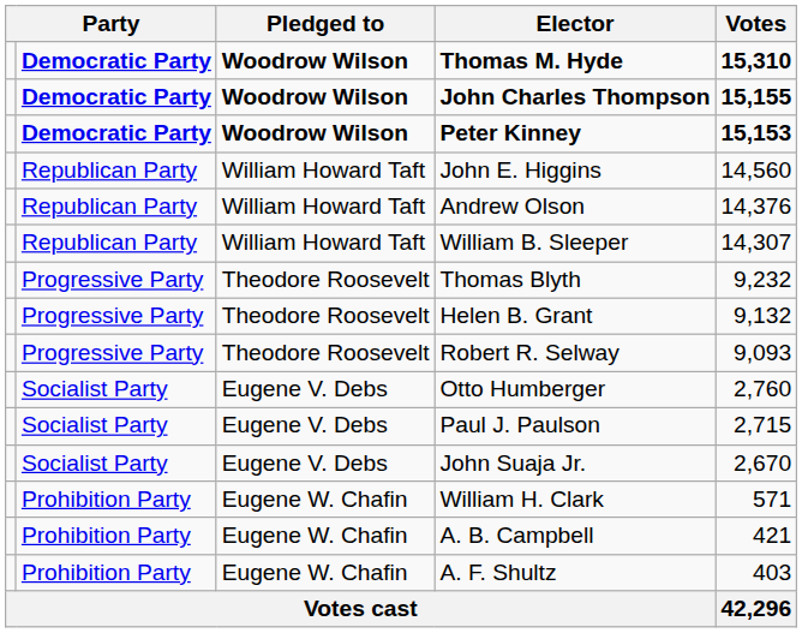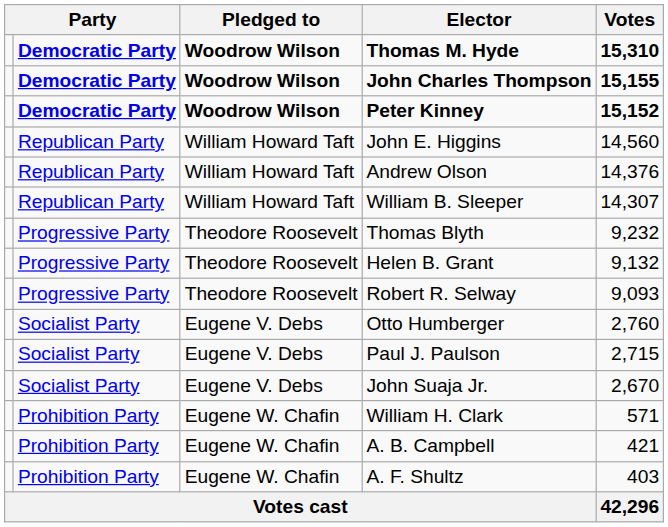 <table class="wikitable">
 <tr>
 <th colspan=2>Party</th>
 <th>Pledged to</th>
 <th>Elector</th>
 <th>Votes</th>
 </tr>
 <tr style="font-weight:bold">
 <td></td>
 <td><a href='#'>Democratic Party</a></td>
 <td>Woodrow Wilson</td>
 <td>Thomas M. Hyde</td>
 <td align="right">15,310</td>
 </tr>
 <tr style="font-weight:bold">
 <td></td>
 <td><a href='#'>Democratic Party</a></td>
 <td>Woodrow Wilson</td>
 <td>John Charles Thompson</td>
 <td align="right">15,155</td>
 </tr>
 <tr style="font-weight:bold">
 <td></td>
 <td><a href='#'>Democratic Party</a></td>
 <td>Woodrow Wilson</td>
 <td>Peter Kinney</td>
-<td align="right">15,153</td>
+<td align="right">15,152</td>
 </tr>
 <tr>
 <td></td>
 <td><a href='#'>Republican Party</a></td>
 <td>William Howard Taft</td>
 <td>John E. Higgins</td>
 <td align="right">14,560</td>
 </tr>
 <tr>
 <td></td>
 <td><a href='#'>Republican Party</a></td>
 <td>William Howard Taft</td>
 <td>Andrew Olson</td>
 <td align="right">14,376</td>
 </tr>
 <tr>
 <td></td>
 <td><a href='#'>Republican Party</a></td>
 <td>William Howard Taft</td>
 <td>William B. Sleeper</td>
 <td align="right">14,307</td>
 </tr>
 <tr>
 <td></td>
 <td><a href='#'>Progressive Party</a></td>
 <td>Theodore Roosevelt</td>
 <td>Thomas Blyth</td>
 <td align="right">9,232</td>
 </tr>
 <tr>
 <td></td>
 <td><a href='#'>Progressive Party</a></td>
 <td>Theodore Roosevelt</td>
 <td>Helen B. Grant</td>
 <td align="right">9,132</td>
 </tr>
 <tr>
 <td></td>
 <td><a href='#'>Progressive Party</a></td>
 <td>Theodore Roosevelt</td>
 <td>Robert R. Selway</td>
 <td align="right">9,093</td>
 </tr>
 <tr>
 <td></td>
 <td><a href='#'>Socialist Party</a></td>
 <td>Eugene V. Debs</td>
 <td>Otto Humberger</td>
 <td align="right">2,760</td>
 </tr>
 <tr>
 <td></td>
 <td><a href='#'>Socialist Party</a></td>
 <td>Eugene V. Debs</td>
 <td>Paul J. Paulson</td>
 <td align="right">2,715</td>
 </tr>
 <tr>
 <td></td>
 <td><a href='#'>Socialist Party</a></td>
 <td>Eugene V. Debs</td>
 <td>John Suaja Jr.</td>
 <td align="right">2,670</td>
 </tr>
 <tr>
 <td></td>
 <td><a href='#'>Prohibition Party</a></td>
 <td>Eugene W. Chafin</td>
 <td>William H. Clark</td>
 <td align="right">571</td>
 </tr>
 <tr>
 <td></td>
 <td><a href='#'>Prohibition Party</a></td>
 <td>Eugene W. Chafin</td>
 <td>A. B. Campbell</td>
 <td align="right">421</td>
 </tr>
 <tr>
 <td></td>
 <td><a href='#'>Prohibition Party</a></td>
 <td>Eugene W. Chafin</td>
 <td>A. F. Shultz</td>
 <td align="right">403</td>
 </tr>
 <tr>
 <th colspan="4">Votes cast</th>
 <th>42,296</th>
 </tr>
 </table>
